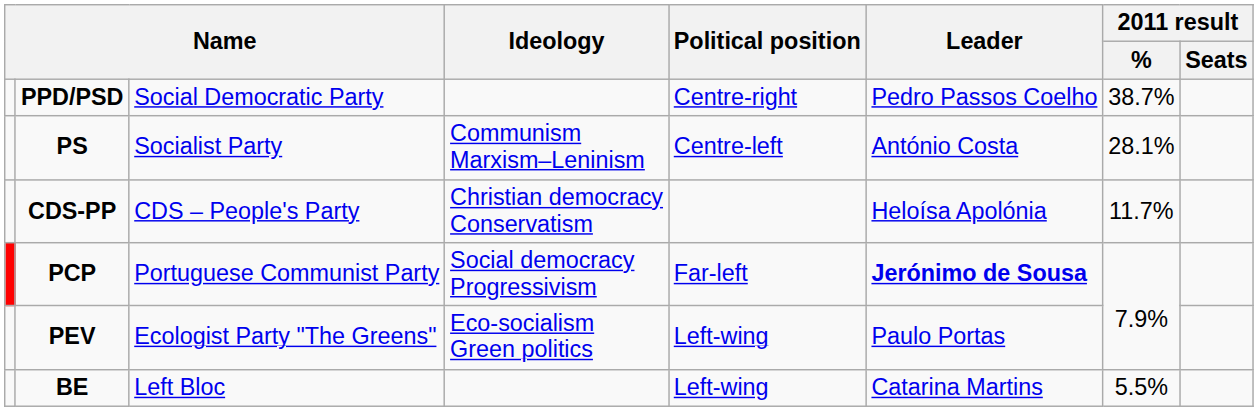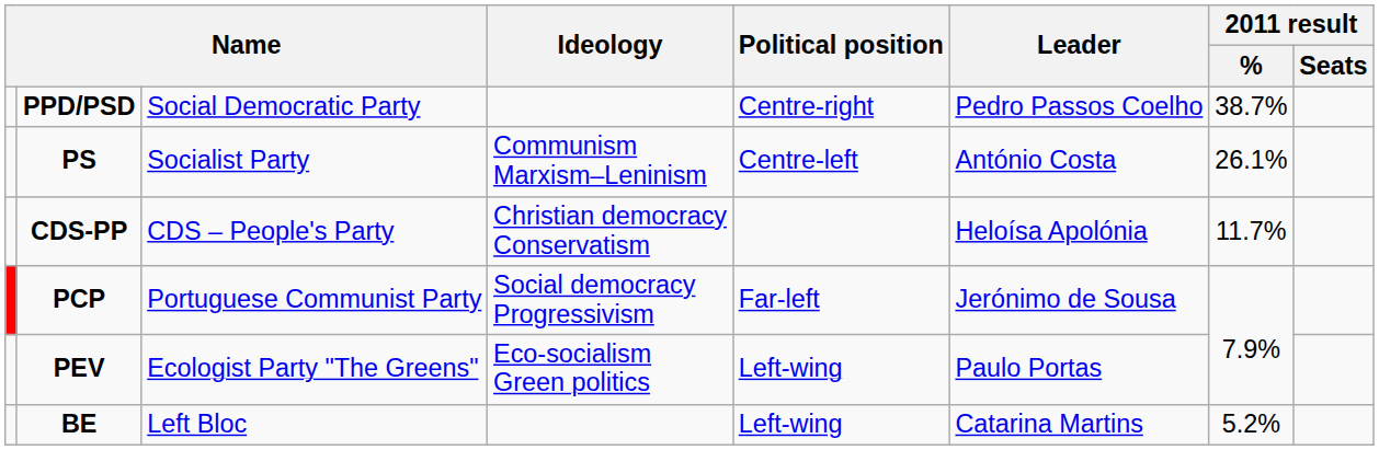 <table class="wikitable">
 <tr>
 <th rowspan="2" colspan="3">Name</th>
 <th rowspan="2">Ideology</th>
 <th rowspan="2">Political position</th>
 <th rowspan="2">Leader</th>
 <th colspan="2">2011 result</th>
 </tr>
 <tr>
 <th>%</th>
 <th>Seats</th>
 </tr>
 <tr>
 <td style="background:"></td>
 <td style="text-align:center;"><strong>PPD/PSD</strong></td>
 <td><a href='#'>Social Democratic Party</a><br></td>
 <td></td>
 <td><a href='#'>Centre-right</a></td>
 <td><a href='#'>Pedro Passos Coelho</a></td>
 <td style="text-align:center;">38.7%</td>
 <td></td>
 </tr>
 <tr>
 <td style="background:"></td>
 <td style="text-align:center;"><strong>PS</strong></td>
 <td><a href='#'>Socialist Party</a><br></td>
 <td><a href='#'>Communism</a><br><a href='#'>Marxism–Leninism</a></td>
 <td><a href='#'>Centre-left</a></td>
 <td><a href='#'>António Costa</a></td>
-<td style="text-align:center;">28.1%</td>
+<td style="text-align:center;">26.1%</td>
 <td></td>
 </tr>
 <tr>
 <td style="background:"></td>
 <td style="text-align:center;"><strong>CDS-PP</strong></td>
 <td><a href='#'>CDS – People's Party</a><br></td>
 <td><a href='#'>Christian democracy</a><br><a href='#'>Conservatism</a></td>
 <td></td>
 <td><a href='#'>Heloísa Apolónia</a></td>
 <td style="text-align:center;">11.7%</td>
 <td></td>
 </tr>
 <tr>
 <td style="background:#f00;"></td>
 <td style="text-align:center;"><strong>PCP</strong></td>
 <td><a href='#'>Portuguese Communist Party</a><br></td>
 <td><a href='#'>Social democracy</a><br><a href='#'>Progressivism</a></td>
 <td><a href='#'>Far-left</a></td>
-<td><strong><a href='#'>Jerónimo de Sousa</a></strong></td>
+<td><a href='#'>Jerónimo de Sousa</a></td>
 <td rowspan="2" style="text-align:center;"><br>7.9%<br></td>
 <td></td>
 </tr>
 <tr>
 <td style="background:"></td>
 <td style="text-align:center;"><strong>PEV</strong></td>
 <td><a href='#'>Ecologist Party "The Greens"</a><br></td>
 <td><a href='#'>Eco-socialism</a><br><a href='#'>Green politics</a></td>
 <td><a href='#'>Left-wing</a></td>
 <td><a href='#'>Paulo Portas</a></td>
 <td></td>
 </tr>
 <tr>
 <td style="background:"></td>
 <td style="text-align:center;"><strong>BE</strong></td>
 <td><a href='#'>Left Bloc</a><br></td>
 <td></td>
 <td><a href='#'>Left-wing</a></td>
 <td><a href='#'>Catarina Martins</a></td>
-<td style="text-align:center;">5.5%</td>
+<td style="text-align:center;">5.2%</td>
 <td></td>
 </tr>
 </table>
